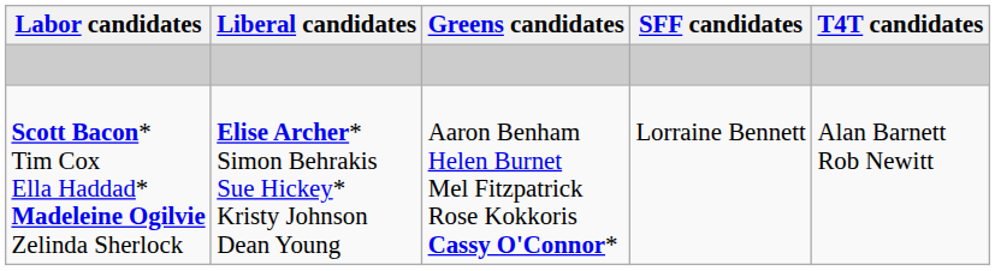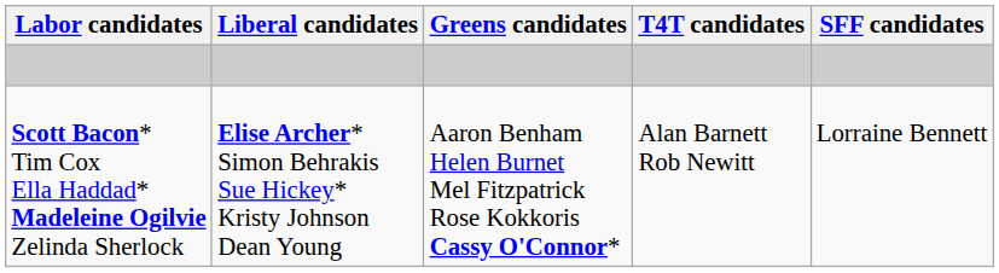 <table class="wikitable">
 <tr>
 <th><a href='#'>Labor</a> candidates</th>
 <th><a href='#'>Liberal</a> candidates</th>
 <th><a href='#'>Greens</a> candidates</th>
+<th><a href='#'>T4T</a> candidates</th>
 <th><a href='#'>SFF</a> candidates</th>
-<th><a href='#'>T4T</a> candidates</th>
 </tr>
 <tr bgcolor="#cccccc">
 <td></td>
 <td></td>
 <td></td>
+<td> </td>
 <td></td>
-<td> </td>
 </tr>
 <tr>
 <td><br><strong><a href='#'>Scott Bacon</a></strong>*<br> Tim Cox<br> <a href='#'>Ella Haddad</a>*<br> <strong><a href='#'>Madeleine Ogilvie</a></strong><br> Zelinda Sherlock</td>
 <td><br><strong><a href='#'>Elise Archer</a></strong>*<br> Simon Behrakis<br> <a href='#'>Sue Hickey</a>*<br> Kristy Johnson<br> Dean Young</td>
 <td><br>Aaron Benham<br> <a href='#'>Helen Burnet</a><br> Mel Fitzpatrick<br> Rose Kokkoris<br> <strong><a href='#'>Cassy O'Connor</a></strong>*</td>
+<td valign=top><br>Alan Barnett<br> Rob Newitt</td>
 <td valign=top><br>Lorraine Bennett</td>
-<td valign=top><br>Alan Barnett<br> Rob Newitt</td>
 </tr>
 </table>
